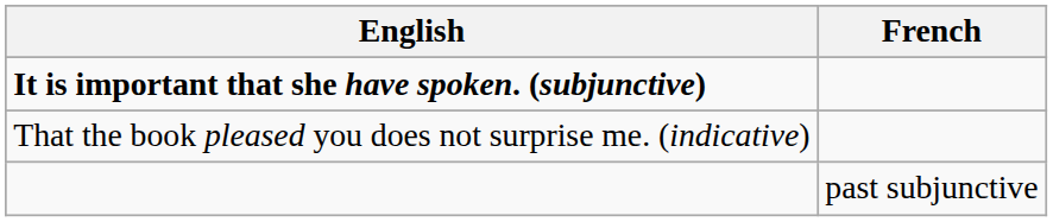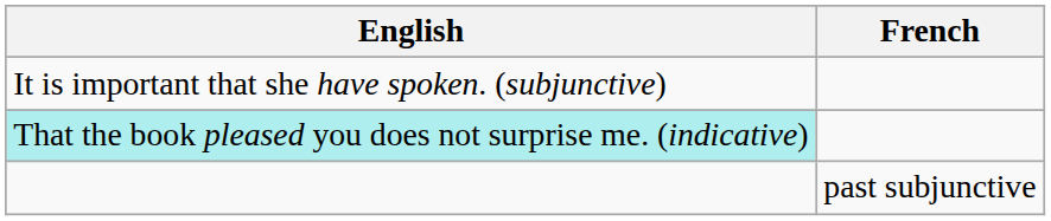 <table class="wikitable">
 <tr>
 <th scope="col" style="vertical-align:top">English</th>
 <th scope="col" colspan="2">French</th>
 </tr>
 <tr>
-<td><strong>It is important that she <em>have spoken</em>. (<em>subjunctive</em>)</strong></td>
+<td>It is important that she <em>have spoken</em>. (<em>subjunctive</em>)</td>
 <td></td>
 </tr>
 <tr>
-<td>That the book <em>pleased</em> you does not surprise me. (<em>indicative</em>)</td>
+<td style="background: paleturquoise;">That the book <em>pleased</em> you does not surprise me. (<em>indicative</em>)</td>
 <td></td>
 </tr>
 <tr style="text-align:center">
 <td></td>
 <td>past subjunctive</td>
 </tr>
 </table>
